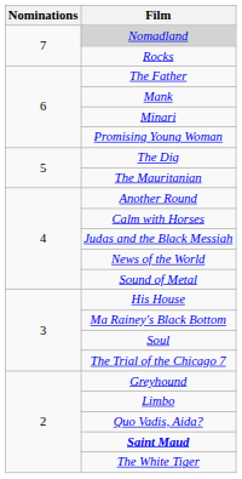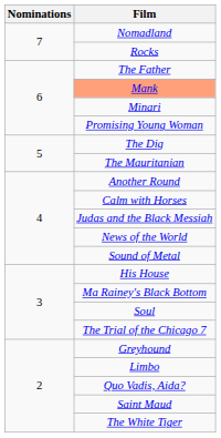 <table class="wikitable" style="text-align:center;">
 <tr>
 <th style="background:">Nominations</th>
 <th style="background:">Film</th>
 </tr>
 <tr>
 <td rowspan="2">7</td>
-<td style="background: lightgrey;"><em><a href='#'>Nomadland</a></em></td>
+<td><em><a href='#'>Nomadland</a></em></td>
 </tr>
 <tr>
 <td><em><a href='#'>Rocks</a></em></td>
 </tr>
 <tr>
 <td rowspan="4">6</td>
 <td><em><a href='#'>The Father</a></em></td>
 </tr>
 <tr>
-<td><em><a href='#'>Mank</a></em></td>
+<td style="background: lightsalmon;"><em><a href='#'>Mank</a></em></td>
 </tr>
 <tr>
 <td><em><a href='#'>Minari</a></em></td>
 </tr>
 <tr>
 <td><em><a href='#'>Promising Young Woman</a></em></td>
 </tr>
 <tr>
 <td rowspan="2">5</td>
 <td><em><a href='#'>The Dig</a></em></td>
 </tr>
 <tr>
 <td><em><a href='#'>The Mauritanian</a></em></td>
 </tr>
 <tr>
 <td rowspan="5">4</td>
 <td><em><a href='#'>Another Round</a></em></td>
 </tr>
 <tr>
 <td><em><a href='#'>Calm with Horses</a></em></td>
 </tr>
 <tr>
 <td><em><a href='#'>Judas and the Black Messiah</a></em></td>
 </tr>
 <tr>
 <td><em><a href='#'>News of the World</a></em></td>
 </tr>
 <tr>
 <td><em><a href='#'>Sound of Metal</a></em></td>
 </tr>
 <tr>
 <td rowspan="4">3</td>
 <td><em><a href='#'>His House</a></em></td>
 </tr>
 <tr>
 <td><em><a href='#'>Ma Rainey's Black Bottom</a></em></td>
 </tr>
 <tr>
 <td><em><a href='#'>Soul</a></em></td>
 </tr>
 <tr>
 <td><em><a href='#'>The Trial of the Chicago 7</a></em></td>
 </tr>
 <tr>
 <td rowspan="5">2</td>
 <td><em><a href='#'>Greyhound</a></em></td>
 </tr>
 <tr>
 <td><em><a href='#'>Limbo</a></em></td>
 </tr>
 <tr>
 <td><em><a href='#'>Quo Vadis, Aida?</a></em></td>
 </tr>
 <tr>
-<td><strong><em><a href='#'>Saint Maud</a></em></strong></td>
+<td><em><a href='#'>Saint Maud</a></em></td>
 </tr>
 <tr>
 <td><em><a href='#'>The White Tiger</a></em></td>
 </tr>
 </table>
